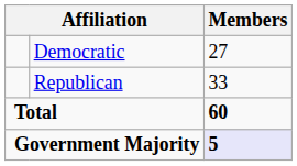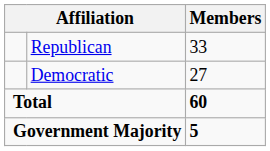 <table class="wikitable">
 <tr>
 <th colspan="2">Affiliation</th>
 <th>Members</th>
 </tr>
 <tr>
 <td style="background-color:"> </td>
-<td><a href='#'>Democratic</a></td>
-<td>27</td>
+<td><a href='#'>Republican</a></td>
+<td>33</td>
 </tr>
 <tr>
 <td style="background-color:"> </td>
-<td><a href='#'>Republican</a></td>
-<td>33</td>
+<td><a href='#'>Democratic</a></td>
+<td>27</td>
 </tr>
 <tr>
 <td colspan="2" rowspan="1"> <strong>Total</strong></td>
 <td><strong>60</strong></td>
 </tr>
 <tr>
 <td colspan="2" rowspan="1"> <strong>Government Majority</strong></td>
-<td style="background: lavender;"><strong>5</strong></td>
+<td><strong>5</strong></td>
 </tr>
 </table>
